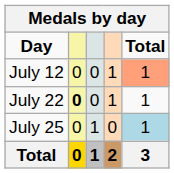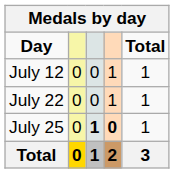 <table class="wikitable" style="font-size:85%; float:right">
 <tr align=center>
 <th colspan=7><strong>Medals by day</strong></th>
 </tr>
 <tr align=center>
 <td><strong>Day</strong></td>
 <td style="background:#f7f6a8;"></td>
 <td style="background:#dce5e5;"></td>
 <td style="background:#ffdab9;"></td>
 <td><strong>Total</strong></td>
 </tr>
 <tr align=center>
 <td>July 12</td>
 <td style="background:#f7f6a8;">0</td>
 <td style="background:#dce5e5;">0</td>
 <td style="background:#ffdab9;">1</td>
-<td style="background: lightsalmon;">1</td>
+<td>1</td>
 </tr>
 <tr align=center>
 <td>July 22</td>
-<td style="background:#f7f6a8;"><strong>0</strong></td>
+<td style="background:#f7f6a8;">0</td>
 <td style="background:#dce5e5;">0</td>
 <td style="background:#ffdab9;">1</td>
 <td>1</td>
 </tr>
 <tr align=center>
 <td>July 25</td>
 <td style="background:#f7f6a8;">0</td>
-<td style="background:#dce5e5;">1</td>
-<td style="background:#ffdab9;">0</td>
-<td style="background: lightblue;">1</td>
+<td style="background:#dce5e5;"><strong>1</strong></td>
+<td style="background:#ffdab9;"><strong>0</strong></td>
+<td>1</td>
 </tr>
 <tr align=center>
 <th><strong>Total</strong></th>
 <th style="background:gold;"><strong>0</strong></th>
 <th style="background:silver;"><strong>1</strong></th>
 <th style="background:#c96;"><strong>2</strong></th>
 <th><strong>3</strong></th>
 </tr>
 </table>
